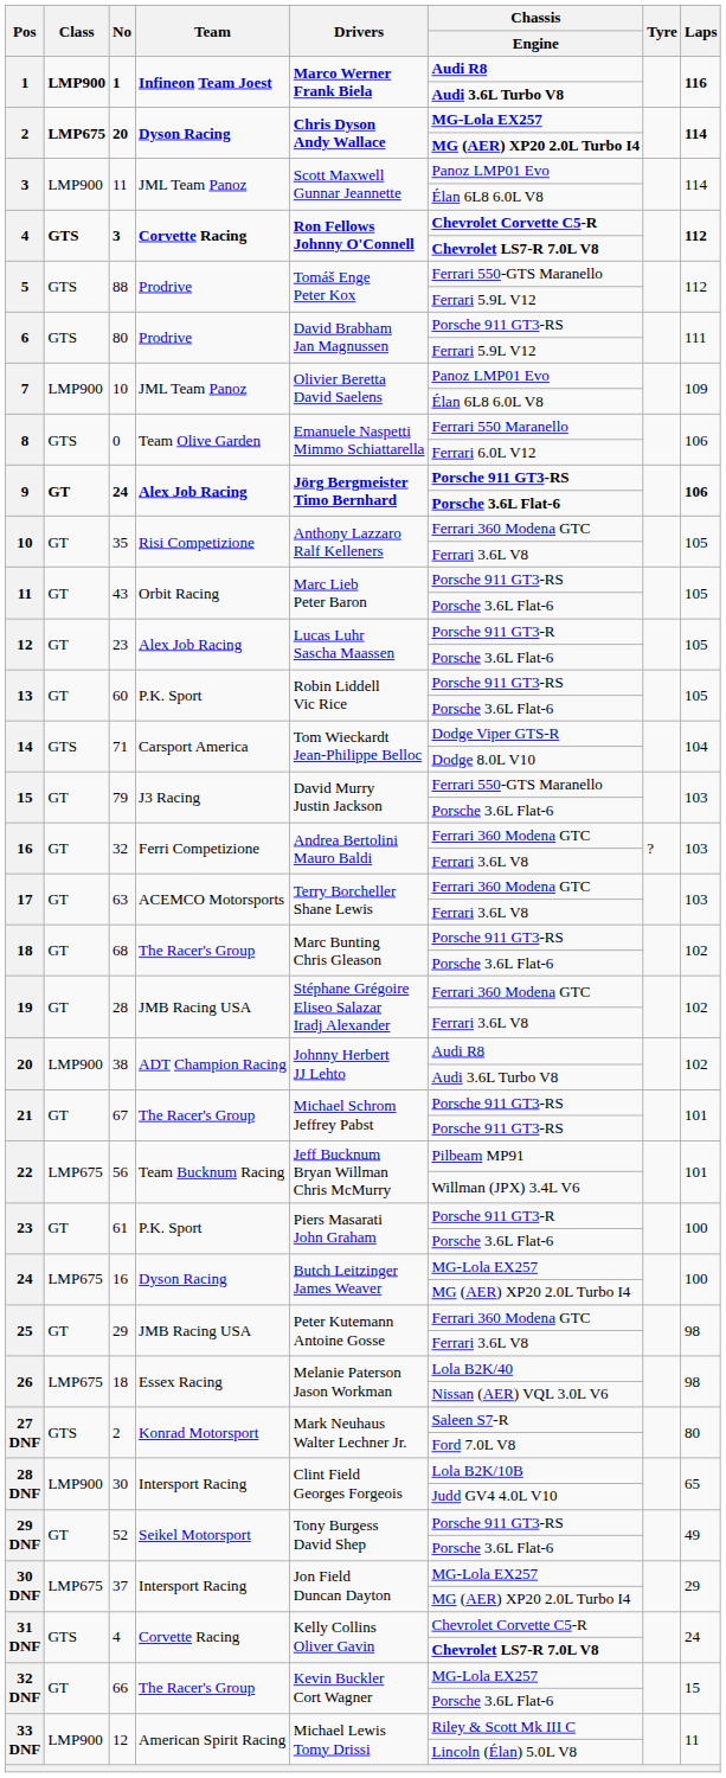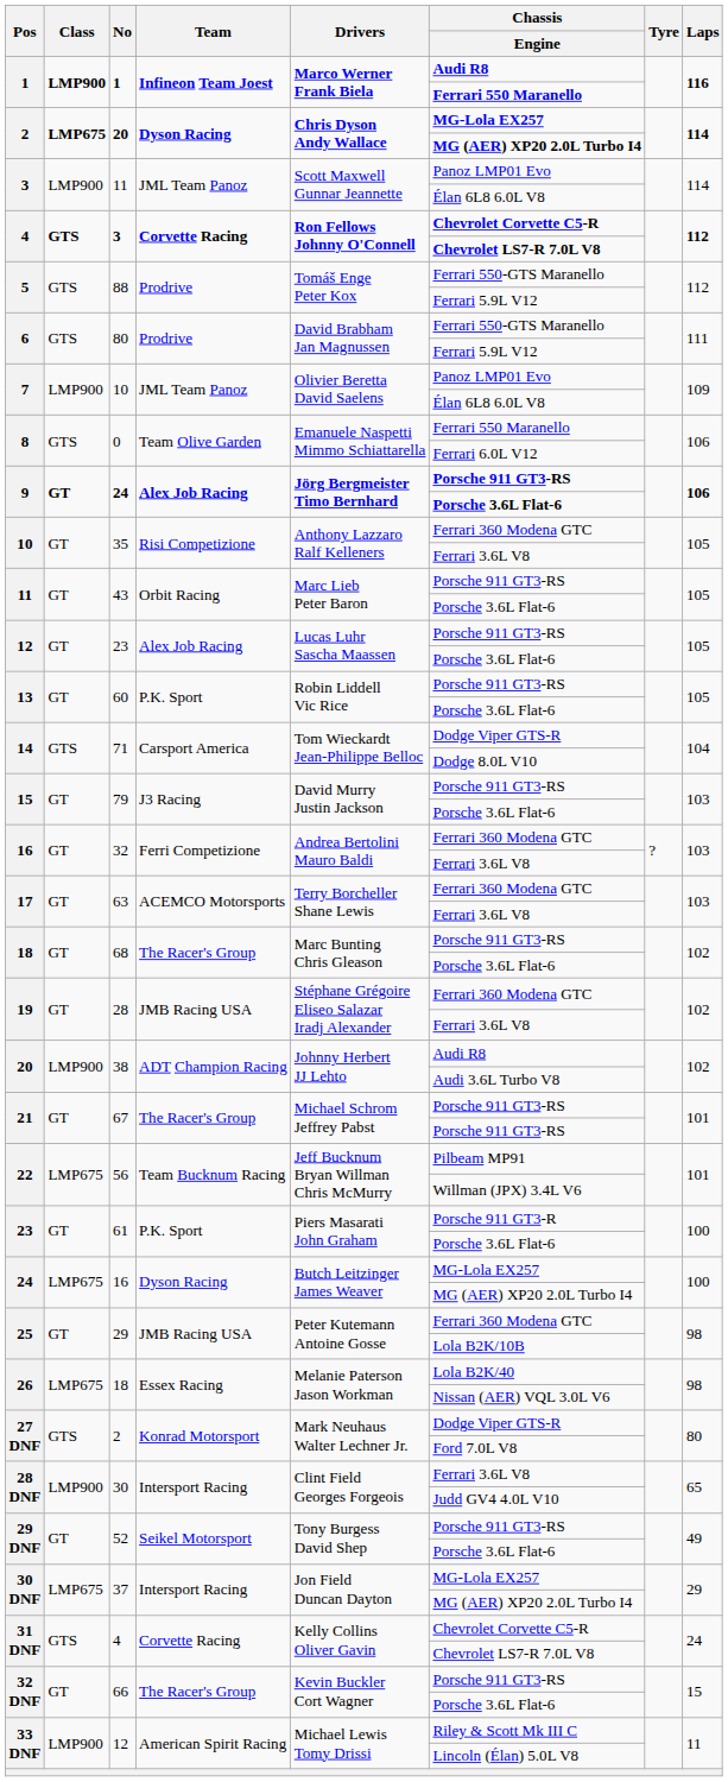 <table class="wikitable" style="font-size: 95%;">
 <tr>
 <th rowspan=2>Pos</th>
 <th rowspan=2>Class</th>
 <th rowspan=2>No</th>
 <th rowspan=2>Team</th>
 <th rowspan=2>Drivers</th>
 <th>Chassis</th>
 <th rowspan=2>Tyre</th>
 <th rowspan=2>Laps</th>
 </tr>
 <tr>
 <th>Engine</th>
 </tr>
 <tr style="font-weight:bold">
 <th rowspan=2>1</th>
 <td rowspan=2>LMP900</td>
 <td rowspan=2>1</td>
 <td rowspan=2> <a href='#'>Infineon</a> <a href='#'>Team Joest</a></td>
 <td rowspan=2> <a href='#'>Marco Werner</a><br> <a href='#'>Frank Biela</a></td>
 <td><a href='#'>Audi R8</a></td>
 <td rowspan=2></td>
 <td rowspan=2>116</td>
 </tr>
 <tr style="font-weight:bold">
-<td><a href='#'>Audi</a> 3.6L Turbo V8</td>
+<td><a href='#'>Ferrari 550 Maranello</a></td>
 </tr>
 <tr style="font-weight:bold">
 <th rowspan=2>2</th>
 <td rowspan=2>LMP675</td>
 <td rowspan=2>20</td>
 <td rowspan=2> <a href='#'>Dyson Racing</a></td>
 <td rowspan=2> <a href='#'>Chris Dyson</a><br> <a href='#'>Andy Wallace</a></td>
 <td><a href='#'>MG-Lola EX257</a></td>
 <td rowspan=2></td>
 <td rowspan=2>114</td>
 </tr>
 <tr style="font-weight:bold">
 <td><a href='#'>MG</a> (<a href='#'>AER</a>) XP20 2.0L Turbo I4</td>
 </tr>
 <tr>
 <th rowspan=2>3</th>
 <td rowspan=2>LMP900</td>
 <td rowspan=2>11</td>
 <td rowspan=2> JML Team <a href='#'>Panoz</a></td>
 <td rowspan=2> <a href='#'>Scott Maxwell</a><br> <a href='#'>Gunnar Jeannette</a></td>
 <td><a href='#'>Panoz LMP01 Evo</a></td>
 <td rowspan=2></td>
 <td rowspan=2>114</td>
 </tr>
 <tr>
 <td><a href='#'>Élan</a> 6L8 6.0L V8</td>
 </tr>
 <tr style="font-weight:bold">
 <th rowspan=2>4</th>
 <td rowspan=2>GTS</td>
 <td rowspan=2>3</td>
 <td rowspan=2> <a href='#'>Corvette</a> Racing</td>
 <td rowspan=2> <a href='#'>Ron Fellows</a><br> <a href='#'>Johnny O'Connell</a></td>
 <td><a href='#'>Chevrolet Corvette C5</a>-R</td>
 <td rowspan=2></td>
 <td rowspan=2>112</td>
 </tr>
 <tr style="font-weight:bold">
 <td><a href='#'>Chevrolet</a> LS7-R 7.0L V8</td>
 </tr>
 <tr>
 <th rowspan=2>5</th>
 <td rowspan=2>GTS</td>
 <td rowspan=2>88</td>
 <td rowspan=2> <a href='#'>Prodrive</a></td>
 <td rowspan=2> <a href='#'>Tomáš Enge</a><br> <a href='#'>Peter Kox</a></td>
 <td><a href='#'>Ferrari 550</a>-GTS Maranello</td>
 <td rowspan=2></td>
 <td rowspan=2>112</td>
 </tr>
 <tr>
 <td><a href='#'>Ferrari</a> 5.9L V12</td>
 </tr>
 <tr>
 <th rowspan=2>6</th>
 <td rowspan=2>GTS</td>
 <td rowspan=2>80</td>
 <td rowspan=2> <a href='#'>Prodrive</a></td>
 <td rowspan=2> <a href='#'>David Brabham</a><br> <a href='#'>Jan Magnussen</a></td>
-<td><a href='#'>Porsche 911 GT3</a>-RS</td>
+<td><a href='#'>Ferrari 550</a>-GTS Maranello</td>
 <td rowspan=2></td>
 <td rowspan=2>111</td>
 </tr>
 <tr>
 <td><a href='#'>Ferrari</a> 5.9L V12</td>
 </tr>
 <tr>
 <th rowspan=2>7</th>
 <td rowspan=2>LMP900</td>
 <td rowspan=2>10</td>
 <td rowspan=2> JML Team <a href='#'>Panoz</a></td>
 <td rowspan=2> <a href='#'>Olivier Beretta</a><br> <a href='#'>David Saelens</a></td>
 <td><a href='#'>Panoz LMP01 Evo</a></td>
 <td rowspan=2></td>
 <td rowspan=2>109</td>
 </tr>
 <tr>
 <td><a href='#'>Élan</a> 6L8 6.0L V8</td>
 </tr>
 <tr>
 <th rowspan=2>8</th>
 <td rowspan=2>GTS</td>
 <td rowspan=2>0</td>
 <td rowspan=2> Team <a href='#'>Olive Garden</a></td>
 <td rowspan=2> <a href='#'>Emanuele Naspetti</a><br> <a href='#'>Mimmo Schiattarella</a></td>
 <td><a href='#'>Ferrari 550 Maranello</a></td>
 <td rowspan=2></td>
 <td rowspan=2>106</td>
 </tr>
 <tr>
 <td><a href='#'>Ferrari</a> 6.0L V12</td>
 </tr>
 <tr style="font-weight:bold">
 <th rowspan=2>9</th>
 <td rowspan=2>GT</td>
 <td rowspan=2>24</td>
 <td rowspan=2> <a href='#'>Alex Job Racing</a></td>
 <td rowspan=2> <a href='#'>Jörg Bergmeister</a><br> <a href='#'>Timo Bernhard</a></td>
 <td><a href='#'>Porsche 911 GT3</a>-RS</td>
 <td rowspan=2></td>
 <td rowspan=2>106</td>
 </tr>
 <tr style="font-weight:bold">
 <td><a href='#'>Porsche</a> 3.6L Flat-6</td>
 </tr>
 <tr>
 <th rowspan=2>10</th>
 <td rowspan=2>GT</td>
 <td rowspan=2>35</td>
 <td rowspan=2> <a href='#'>Risi Competizione</a></td>
 <td rowspan=2> <a href='#'>Anthony Lazzaro</a><br> <a href='#'>Ralf Kelleners</a></td>
 <td><a href='#'>Ferrari 360 Modena</a> GTC</td>
 <td rowspan=2></td>
 <td rowspan=2>105</td>
 </tr>
 <tr>
 <td><a href='#'>Ferrari</a> 3.6L V8</td>
 </tr>
 <tr>
 <th rowspan=2>11</th>
 <td rowspan=2>GT</td>
 <td rowspan=2>43</td>
 <td rowspan=2> Orbit Racing</td>
 <td rowspan=2> <a href='#'>Marc Lieb</a><br> Peter Baron</td>
 <td><a href='#'>Porsche 911 GT3</a>-RS</td>
 <td rowspan=2></td>
 <td rowspan=2>105</td>
 </tr>
 <tr>
 <td><a href='#'>Porsche</a> 3.6L Flat-6</td>
 </tr>
 <tr>
 <th rowspan=2>12</th>
 <td rowspan=2>GT</td>
 <td rowspan=2>23</td>
 <td rowspan=2> <a href='#'>Alex Job Racing</a></td>
 <td rowspan=2> <a href='#'>Lucas Luhr</a><br> <a href='#'>Sascha Maassen</a></td>
-<td><a href='#'>Porsche 911 GT3</a>-R</td>
+<td><a href='#'>Porsche 911 GT3</a>-RS</td>
 <td rowspan=2></td>
 <td rowspan=2>105</td>
 </tr>
 <tr>
 <td><a href='#'>Porsche</a> 3.6L Flat-6</td>
 </tr>
 <tr>
 <th rowspan=2>13</th>
 <td rowspan=2>GT</td>
 <td rowspan=2>60</td>
 <td rowspan=2> P.K. Sport</td>
 <td rowspan=2> Robin Liddell<br> Vic Rice</td>
 <td><a href='#'>Porsche 911 GT3</a>-RS</td>
 <td rowspan=2></td>
 <td rowspan=2>105</td>
 </tr>
 <tr>
 <td><a href='#'>Porsche</a> 3.6L Flat-6</td>
 </tr>
 <tr>
 <th rowspan=2>14</th>
 <td rowspan=2>GTS</td>
 <td rowspan=2>71</td>
 <td rowspan=2> Carsport America</td>
 <td rowspan=2> Tom Wieckardt<br> <a href='#'>Jean-Philippe Belloc</a></td>
 <td><a href='#'>Dodge Viper GTS-R</a></td>
 <td rowspan=2></td>
 <td rowspan=2>104</td>
 </tr>
 <tr>
 <td><a href='#'>Dodge</a> 8.0L V10</td>
 </tr>
 <tr>
 <th rowspan=2>15</th>
 <td rowspan=2>GT</td>
 <td rowspan=2>79</td>
 <td rowspan=2> J3 Racing</td>
 <td rowspan=2> David Murry<br> Justin Jackson</td>
-<td><a href='#'>Ferrari 550</a>-GTS Maranello</td>
+<td><a href='#'>Porsche 911 GT3</a>-RS</td>
 <td rowspan=2></td>
 <td rowspan=2>103</td>
 </tr>
 <tr>
 <td><a href='#'>Porsche</a> 3.6L Flat-6</td>
 </tr>
 <tr>
 <th rowspan=2>16</th>
 <td rowspan=2>GT</td>
 <td rowspan=2>32</td>
 <td rowspan=2> Ferri Competizione</td>
 <td rowspan=2> <a href='#'>Andrea Bertolini</a><br> <a href='#'>Mauro Baldi</a></td>
 <td><a href='#'>Ferrari 360 Modena</a> GTC</td>
 <td rowspan=2>?</td>
 <td rowspan=2>103</td>
 </tr>
 <tr>
 <td><a href='#'>Ferrari</a> 3.6L V8</td>
 </tr>
 <tr>
 <th rowspan=2>17</th>
 <td rowspan=2>GT</td>
 <td rowspan=2>63</td>
 <td rowspan=2> ACEMCO Motorsports</td>
 <td rowspan=2> <a href='#'>Terry Borcheller</a><br> Shane Lewis</td>
 <td><a href='#'>Ferrari 360 Modena</a> GTC</td>
 <td rowspan=2></td>
 <td rowspan=2>103</td>
 </tr>
 <tr>
 <td><a href='#'>Ferrari</a> 3.6L V8</td>
 </tr>
 <tr>
 <th rowspan=2>18</th>
 <td rowspan=2>GT</td>
 <td rowspan=2>68</td>
 <td rowspan=2> <a href='#'>The Racer's Group</a></td>
 <td rowspan=2> Marc Bunting<br> Chris Gleason</td>
 <td><a href='#'>Porsche 911 GT3</a>-RS</td>
 <td rowspan=2></td>
 <td rowspan=2>102</td>
 </tr>
 <tr>
 <td><a href='#'>Porsche</a> 3.6L Flat-6</td>
 </tr>
 <tr>
 <th rowspan=2>19</th>
 <td rowspan=2>GT</td>
 <td rowspan=2>28</td>
 <td rowspan=2> JMB Racing USA</td>
 <td rowspan=2> <a href='#'>Stéphane Grégoire</a><br> <a href='#'>Eliseo Salazar</a><br> <a href='#'>Iradj Alexander</a></td>
 <td><a href='#'>Ferrari 360 Modena</a> GTC</td>
 <td rowspan=2></td>
 <td rowspan=2>102</td>
 </tr>
 <tr>
 <td><a href='#'>Ferrari</a> 3.6L V8</td>
 </tr>
 <tr>
 <th rowspan=2>20</th>
 <td rowspan=2>LMP900</td>
 <td rowspan=2>38</td>
 <td rowspan=2> <a href='#'>ADT</a> <a href='#'>Champion Racing</a></td>
 <td rowspan=2> <a href='#'>Johnny Herbert</a><br> <a href='#'>JJ Lehto</a></td>
 <td><a href='#'>Audi R8</a></td>
 <td rowspan=2></td>
 <td rowspan=2>102</td>
 </tr>
 <tr>
 <td><a href='#'>Audi</a> 3.6L Turbo V8</td>
 </tr>
 <tr>
 <th rowspan=2>21</th>
 <td rowspan=2>GT</td>
 <td rowspan=2>67</td>
 <td rowspan=2> <a href='#'>The Racer's Group</a></td>
 <td rowspan=2> <a href='#'>Michael Schrom</a><br> Jeffrey Pabst</td>
 <td><a href='#'>Porsche 911 GT3</a>-RS</td>
 <td rowspan=2></td>
 <td rowspan=2>101</td>
 </tr>
 <tr>
 <td><a href='#'>Porsche 911 GT3</a>-RS</td>
 </tr>
 <tr>
 <th rowspan=2>22</th>
 <td rowspan=2>LMP675</td>
 <td rowspan=2>56</td>
 <td rowspan=2> Team <a href='#'>Bucknum</a> Racing</td>
 <td rowspan=2> <a href='#'>Jeff Bucknum</a><br> Bryan Willman<br> Chris McMurry</td>
 <td><a href='#'>Pilbeam</a> MP91</td>
 <td rowspan=2></td>
 <td rowspan=2>101</td>
 </tr>
 <tr>
 <td>Willman (JPX) 3.4L V6</td>
 </tr>
 <tr>
 <th rowspan=2>23</th>
 <td rowspan=2>GT</td>
 <td rowspan=2>61</td>
 <td rowspan=2> P.K. Sport</td>
 <td rowspan=2> Piers Masarati<br> <a href='#'>John Graham</a></td>
 <td><a href='#'>Porsche 911 GT3</a>-R</td>
 <td rowspan=2></td>
 <td rowspan=2>100</td>
 </tr>
 <tr>
 <td><a href='#'>Porsche</a> 3.6L Flat-6</td>
 </tr>
 <tr>
 <th rowspan=2>24</th>
 <td rowspan=2>LMP675</td>
 <td rowspan=2>16</td>
 <td rowspan=2> <a href='#'>Dyson Racing</a></td>
 <td rowspan=2> <a href='#'>Butch Leitzinger</a><br> <a href='#'>James Weaver</a></td>
 <td><a href='#'>MG-Lola EX257</a></td>
 <td rowspan=2></td>
 <td rowspan=2>100</td>
 </tr>
 <tr>
 <td><a href='#'>MG</a> (<a href='#'>AER</a>) XP20 2.0L Turbo I4</td>
 </tr>
 <tr>
 <th rowspan=2>25</th>
 <td rowspan=2>GT</td>
 <td rowspan=2>29</td>
 <td rowspan=2> JMB Racing USA</td>
 <td rowspan=2> Peter Kutemann<br> Antoine Gosse</td>
 <td><a href='#'>Ferrari 360 Modena</a> GTC</td>
 <td rowspan=2></td>
 <td rowspan=2>98</td>
 </tr>
 <tr>
-<td><a href='#'>Ferrari</a> 3.6L V8</td>
+<td><a href='#'>Lola B2K/10B</a></td>
 </tr>
 <tr>
 <th rowspan=2>26</th>
 <td rowspan=2>LMP675</td>
 <td rowspan=2>18</td>
 <td rowspan=2> Essex Racing</td>
 <td rowspan=2> Melanie Paterson<br> Jason Workman</td>
 <td><a href='#'>Lola B2K/40</a></td>
 <td rowspan=2></td>
 <td rowspan=2>98</td>
 </tr>
 <tr>
 <td><a href='#'>Nissan</a> (<a href='#'>AER</a>) VQL 3.0L V6</td>
 </tr>
 <tr>
 <th rowspan=2>27<br>DNF</th>
 <td rowspan=2>GTS</td>
 <td rowspan=2>2</td>
 <td rowspan=2> <a href='#'>Konrad Motorsport</a></td>
 <td rowspan=2> Mark Neuhaus<br> Walter Lechner Jr.</td>
-<td><a href='#'>Saleen S7</a>-R</td>
+<td><a href='#'>Dodge Viper GTS-R</a></td>
 <td rowspan=2></td>
 <td rowspan=2>80</td>
 </tr>
 <tr>
 <td><a href='#'>Ford</a> 7.0L V8</td>
 </tr>
 <tr>
 <th rowspan=2>28<br>DNF</th>
 <td rowspan=2>LMP900</td>
 <td rowspan=2>30</td>
 <td rowspan=2> Intersport Racing</td>
 <td rowspan=2> Clint Field<br> Georges Forgeois</td>
-<td><a href='#'>Lola B2K/10B</a></td>
+<td><a href='#'>Ferrari</a> 3.6L V8</td>
 <td rowspan=2></td>
 <td rowspan=2>65</td>
 </tr>
 <tr>
 <td><a href='#'>Judd</a> GV4 4.0L V10</td>
 </tr>
 <tr>
 <th rowspan=2>29<br>DNF</th>
 <td rowspan=2>GT</td>
 <td rowspan=2>52</td>
 <td rowspan=2> <a href='#'>Seikel Motorsport</a></td>
 <td rowspan=2> Tony Burgess<br> David Shep</td>
 <td><a href='#'>Porsche 911 GT3</a>-RS</td>
 <td rowspan=2></td>
 <td rowspan=2>49</td>
 </tr>
 <tr>
 <td><a href='#'>Porsche</a> 3.6L Flat-6</td>
 </tr>
 <tr>
 <th rowspan=2>30<br>DNF</th>
 <td rowspan=2>LMP675</td>
 <td rowspan=2>37</td>
 <td rowspan=2> Intersport Racing</td>
 <td rowspan=2> Jon Field<br> Duncan Dayton</td>
 <td><a href='#'>MG-Lola EX257</a></td>
 <td rowspan=2></td>
 <td rowspan=2>29</td>
 </tr>
 <tr>
 <td><a href='#'>MG</a> (<a href='#'>AER</a>) XP20 2.0L Turbo I4</td>
 </tr>
 <tr>
 <th rowspan=2>31<br>DNF</th>
 <td rowspan=2>GTS</td>
 <td rowspan=2>4</td>
 <td rowspan=2> <a href='#'>Corvette</a> Racing</td>
 <td rowspan=2> Kelly Collins<br> <a href='#'>Oliver Gavin</a></td>
 <td><a href='#'>Chevrolet Corvette C5</a>-R</td>
 <td rowspan=2></td>
 <td rowspan=2>24</td>
 </tr>
 <tr>
-<td><strong><a href='#'>Chevrolet</a> LS7-R 7.0L V8</strong></td>
+<td><a href='#'>Chevrolet</a> LS7-R 7.0L V8</td>
 </tr>
 <tr>
 <th rowspan=2>32<br>DNF</th>
 <td rowspan=2>GT</td>
 <td rowspan=2>66</td>
 <td rowspan=2> <a href='#'>The Racer's Group</a></td>
 <td rowspan=2> <a href='#'>Kevin Buckler</a><br> Cort Wagner</td>
-<td><a href='#'>MG-Lola EX257</a></td>
+<td><a href='#'>Porsche 911 GT3</a>-RS</td>
 <td rowspan=2></td>
 <td rowspan=2>15</td>
 </tr>
 <tr>
 <td><a href='#'>Porsche</a> 3.6L Flat-6</td>
 </tr>
 <tr>
 <th rowspan=2>33<br>DNF</th>
 <td rowspan=2>LMP900</td>
 <td rowspan=2>12</td>
 <td rowspan=2> American Spirit Racing</td>
 <td rowspan=2> Michael Lewis<br> <a href='#'>Tomy Drissi</a></td>
 <td><a href='#'>Riley & Scott Mk III C</a></td>
 <td rowspan=2></td>
 <td rowspan=2>11</td>
 </tr>
 <tr>
 <td><a href='#'>Lincoln</a> (<a href='#'>Élan</a>) 5.0L V8</td>
 </tr>
 <tr>
 <th colspan=8> </th>
 </tr>
 </table>
